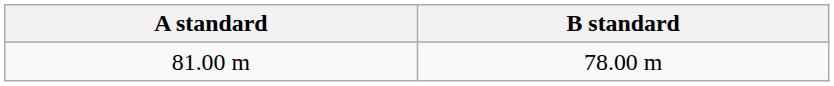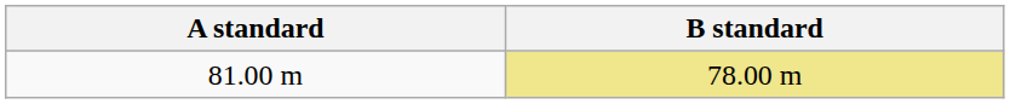 <table class="wikitable" style=" text-align:center;" width="35%">
 <tr>
 <th>A standard</th>
 <th>B standard</th>
 </tr>
 <tr>
 <td>81.00 m</td>
-<td>78.00 m</td>
+<td style="background: khaki;">78.00 m</td>
 </tr>
 </table>
